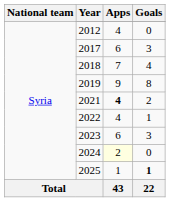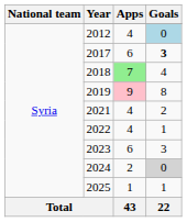 <table class="wikitable" style="text-align:center">
 <tr>
 <th>National team</th>
 <th>Year</th>
 <th>Apps</th>
 <th>Goals</th>
 </tr>
 <tr>
 <td rowspan="10"><a href='#'>Syria</a></td>
 </tr>
 <tr>
 <td>2012</td>
 <td>4</td>
-<td>0</td>
+<td style="background: lightblue;">0</td>
 </tr>
 <tr>
 <td>2017</td>
 <td>6</td>
-<td>3</td>
+<td><strong>3</strong></td>
 </tr>
 <tr>
 <td>2018</td>
-<td>7</td>
+<td style="background: lightgreen;">7</td>
 <td>4</td>
 </tr>
 <tr>
 <td>2019</td>
-<td>9</td>
+<td style="background: pink;">9</td>
 <td>8</td>
 </tr>
 <tr>
 <td>2021</td>
-<td><strong>4</strong></td>
+<td>4</td>
 <td>2</td>
 </tr>
 <tr>
 <td>2022</td>
 <td>4</td>
 <td>1</td>
 </tr>
 <tr>
 <td>2023</td>
 <td>6</td>
 <td>3</td>
 </tr>
 <tr>
 <td>2024</td>
-<td style="background: lightyellow;">2</td>
-<td>0</td>
+<td>2</td>
+<td style="background: lightgrey;">0</td>
 </tr>
 <tr>
 <td>2025</td>
 <td>1</td>
-<td><strong>1</strong></td>
+<td>1</td>
 </tr>
 <tr>
 <th colspan="2">Total</th>
 <th>43</th>
 <th>22</th>
 </tr>
 </table>
